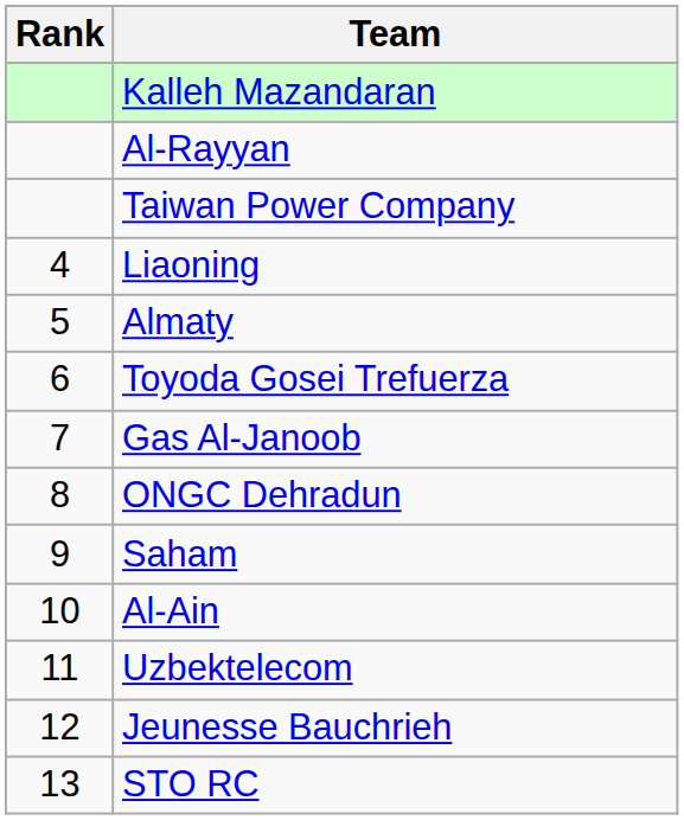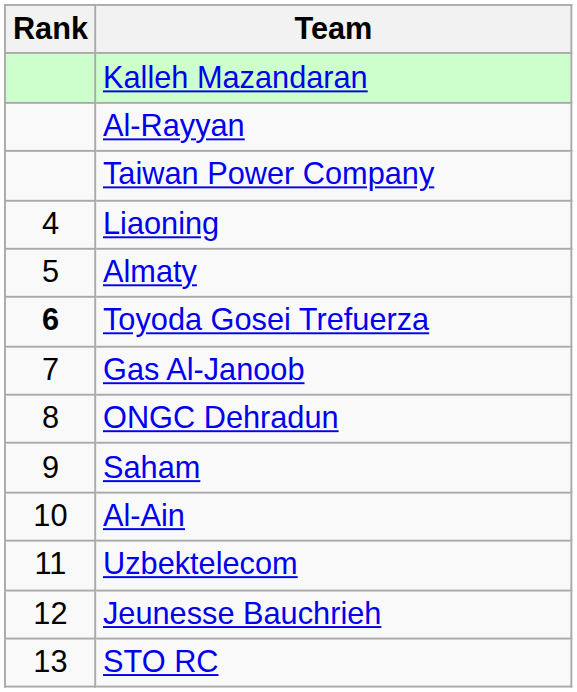 <table class="wikitable" style="text-align: center;">
 <tr>
 <th width=40>Rank</th>
 <th width=240>Team</th>
 </tr>
 <tr bgcolor=#CCFFCC>
 <td></td>
 <td align="left"> <a href='#'>Kalleh Mazandaran</a></td>
 </tr>
 <tr>
 <td></td>
 <td align="left"> <a href='#'>Al-Rayyan</a></td>
 </tr>
 <tr>
 <td></td>
 <td align="left"> <a href='#'>Taiwan Power Company</a></td>
 </tr>
 <tr>
 <td>4</td>
 <td align="left"> <a href='#'>Liaoning</a></td>
 </tr>
 <tr>
 <td>5</td>
 <td align="left"> <a href='#'>Almaty</a></td>
 </tr>
 <tr>
-<td>6</td>
+<td><strong>6</strong></td>
 <td align="left"> <a href='#'>Toyoda Gosei Trefuerza</a></td>
 </tr>
 <tr>
 <td>7</td>
 <td align="left"> <a href='#'>Gas Al-Janoob</a></td>
 </tr>
 <tr>
 <td>8</td>
 <td align="left"> <a href='#'>ONGC Dehradun</a></td>
 </tr>
 <tr>
 <td>9</td>
 <td align="left"> <a href='#'>Saham</a></td>
 </tr>
 <tr>
 <td>10</td>
 <td align="left"> <a href='#'>Al-Ain</a></td>
 </tr>
 <tr>
 <td>11</td>
 <td align="left"> <a href='#'>Uzbektelecom</a></td>
 </tr>
 <tr>
 <td>12</td>
 <td align="left"> <a href='#'>Jeunesse Bauchrieh</a></td>
 </tr>
 <tr>
 <td>13</td>
 <td align="left"> <a href='#'>STO RC</a></td>
 </tr>
 </table>
